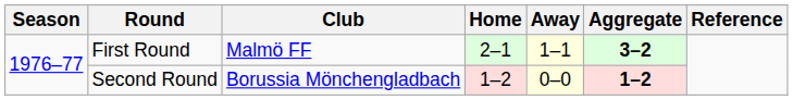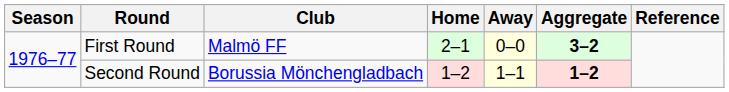 <table class="wikitable">
 <tr>
 <th>Season</th>
 <th>Round</th>
 <th>Club</th>
 <th>Home</th>
 <th>Away</th>
 <th>Aggregate</th>
 <th>Reference</th>
 </tr>
 <tr>
 <td rowspan=2><a href='#'>1976–77</a></td>
 <td>First Round</td>
 <td> <a href='#'>Malmö FF</a></td>
 <td style="text-align:center; background:#dfd;">2–1</td>
-<td style="text-align:center; background:#ffd;">1–1</td>
+<td style="text-align:center; background:#ffd;">0–0</td>
 <td style="text-align:center; background:#dfd"><strong>3–2</strong></td>
 <td rowspan=2 style="text-align:center;"></td>
 </tr>
 <tr>
 <td>Second Round</td>
 <td> <a href='#'>Borussia Mönchengladbach</a></td>
 <td style="text-align:center; background:#fdd;">1–2</td>
-<td style="text-align:center; background:#ffd;">0–0</td>
+<td style="text-align:center; background:#ffd;">1–1</td>
 <td style="text-align:center; background:#fdd"><strong>1–2</strong></td>
 </tr>
 </table>
